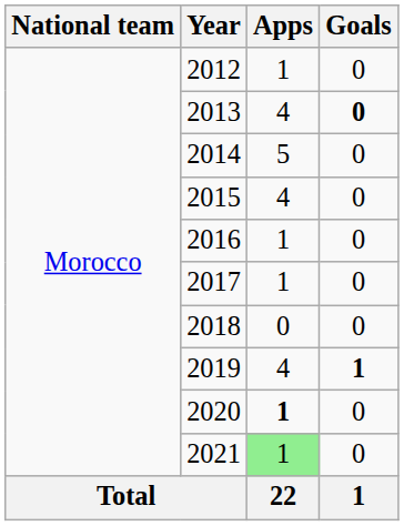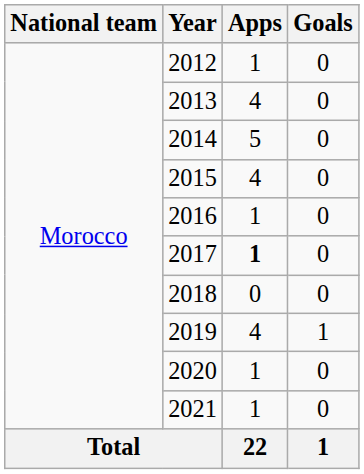 <table class="wikitable" style="text-align:center">
 <tr>
 <th>National team</th>
 <th>Year</th>
 <th>Apps</th>
 <th>Goals</th>
 </tr>
 <tr>
 <td rowspan="10"><a href='#'>Morocco</a></td>
 <td>2012</td>
 <td>1</td>
 <td>0</td>
 </tr>
 <tr>
 <td>2013</td>
 <td>4</td>
-<td><strong>0</strong></td>
+<td>0</td>
 </tr>
 <tr>
 <td>2014</td>
 <td>5</td>
 <td>0</td>
 </tr>
 <tr>
 <td>2015</td>
 <td>4</td>
 <td>0</td>
 </tr>
 <tr>
 <td>2016</td>
 <td>1</td>
 <td>0</td>
 </tr>
 <tr>
 <td>2017</td>
-<td>1</td>
+<td><strong>1</strong></td>
 <td>0</td>
 </tr>
 <tr>
 <td>2018</td>
 <td>0</td>
 <td>0</td>
 </tr>
 <tr>
 <td>2019</td>
 <td>4</td>
-<td><strong>1</strong></td>
+<td>1</td>
 </tr>
 <tr>
 <td>2020</td>
-<td><strong>1</strong></td>
+<td>1</td>
 <td>0</td>
 </tr>
 <tr>
 <td>2021</td>
-<td style="background: lightgreen;">1</td>
+<td>1</td>
 <td>0</td>
 </tr>
 <tr>
 <th colspan="2">Total</th>
 <th>22</th>
 <th>1</th>
 </tr>
 </table>
